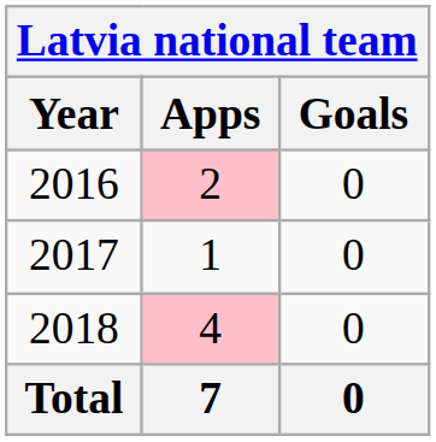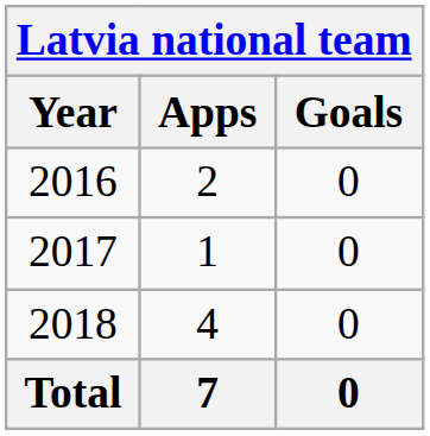 <table class="wikitable" style="text-align:center">
 <tr>
 <th colspan=3><a href='#'>Latvia national team</a></th>
 </tr>
 <tr>
 <th>Year</th>
 <th>Apps</th>
 <th>Goals</th>
 </tr>
 <tr>
 <td>2016</td>
-<td style="background: pink;">2</td>
+<td>2</td>
 <td>0</td>
 </tr>
 <tr>
 <td>2017</td>
 <td>1</td>
 <td>0</td>
 </tr>
 <tr>
 <td>2018</td>
-<td style="background: pink;">4</td>
+<td>4</td>
 <td>0</td>
 </tr>
 <tr>
 <th>Total</th>
 <th>7</th>
 <th>0</th>
 </tr>
 </table>
